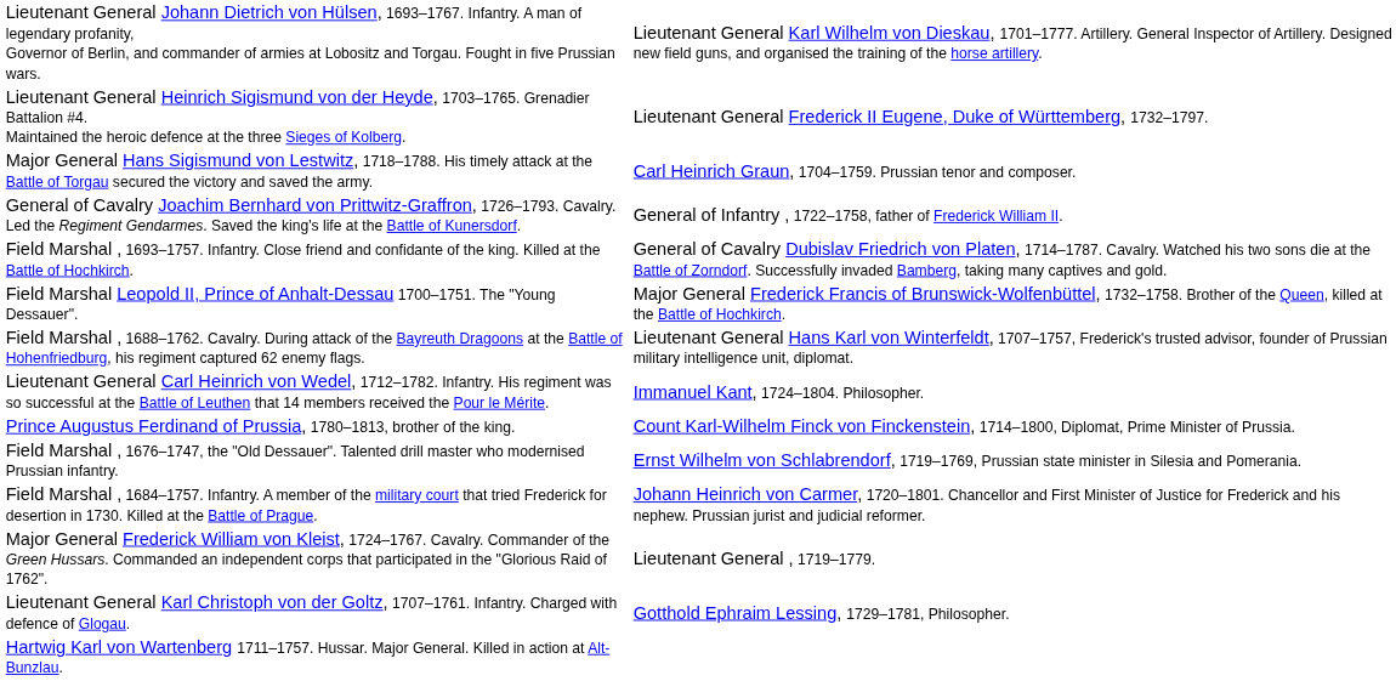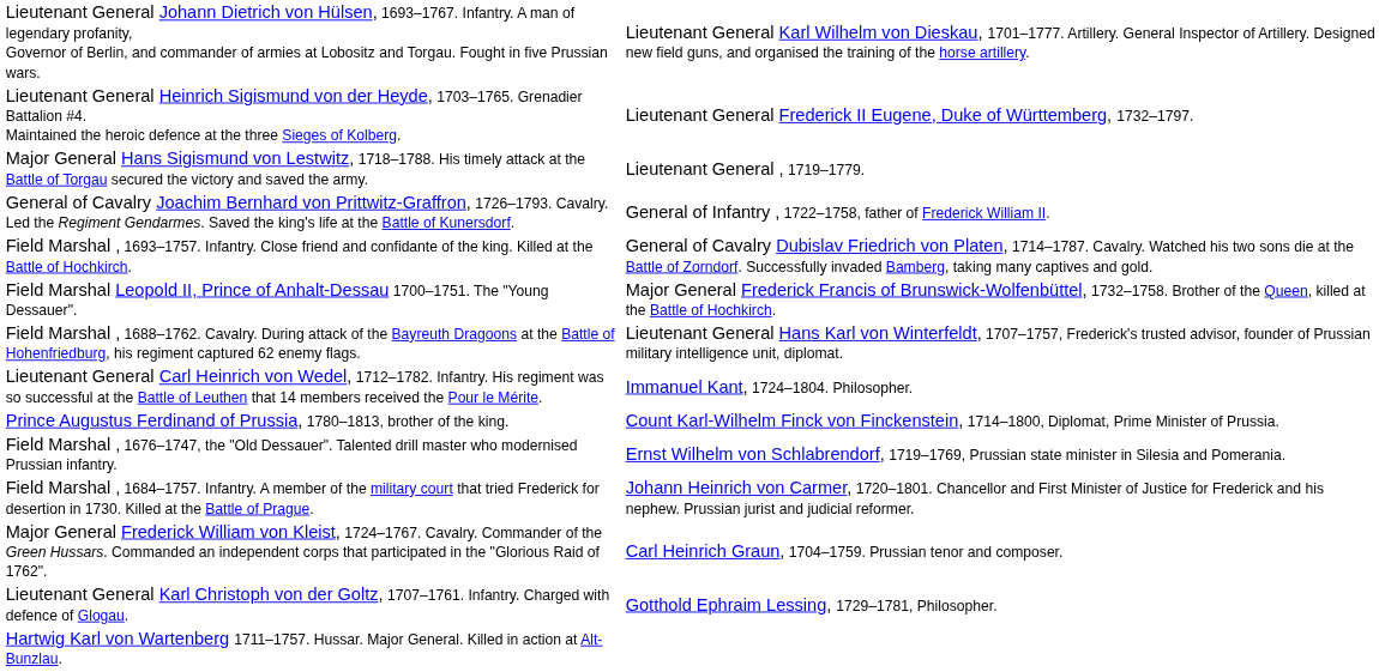 <table style="text-align:left; width:100%;">
 <tr>
 <td style="width: 45%;">Lieutenant General <a href='#'>Johann Dietrich von Hülsen</a>,<small> 1693–1767. Infantry. A man of legendary profanity,<br> Governor of Berlin, and commander of armies at Lobositz and Torgau. Fought in five Prussian wars. </small></td>
 <td style="width: 55%;">Lieutenant General <a href='#'>Karl Wilhelm von Dieskau</a>, <small>1701–1777. Artillery. General Inspector of Artillery. Designed new field guns, and organised the training of the <a href='#'>horse artillery</a>.</small></td>
 </tr>
 <tr>
 <td>Lieutenant General <a href='#'>Heinrich Sigismund von der Heyde</a>,<small> 1703–1765. Grenadier Battalion #4. <br> Maintained the heroic defence at the three <a href='#'>Sieges of Kolberg</a>.</small></td>
 <td>Lieutenant General <a href='#'>Frederick II Eugene, Duke of Württemberg</a>, <small>1732–1797.</small></td>
 </tr>
 <tr>
 <td>Major General <a href='#'>Hans Sigismund von Lestwitz</a>,<small> 1718–1788. His timely attack at the <a href='#'>Battle of Torgau</a> secured the victory and saved the army.</small></td>
-<td><a href='#'>Carl Heinrich Graun</a>,<small> 1704–1759. Prussian tenor and composer.</small></td>
+<td>Lieutenant General ,<small> 1719–1779.</small></td>
 </tr>
 <tr>
 <td>General of Cavalry <a href='#'>Joachim Bernhard von Prittwitz-Graffron</a>,<small> 1726–1793. Cavalry. Led the <em>Regiment Gendarmes</em>. Saved the king's life at the <a href='#'>Battle of Kunersdorf</a>.</small></td>
 <td>General of Infantry ,<small> 1722–1758, father of <a href='#'>Frederick William II</a>.</small></td>
 </tr>
 <tr>
 <td> Field Marshal ,<small> 1693–1757. Infantry. Close friend and confidante of the king. Killed at the <a href='#'>Battle of Hochkirch</a>.</small></td>
 <td>General of Cavalry <a href='#'>Dubislav Friedrich von Platen</a>,<small> 1714–1787. Cavalry.  Watched his two sons die at the <a href='#'>Battle of Zorndorf</a>.  Successfully invaded <a href='#'>Bamberg</a>, taking many captives and gold.</small></td>
 </tr>
 <tr>
 <td>Field Marshal <a href='#'>Leopold II, Prince of Anhalt-Dessau</a><small> 1700–1751. The "Young Dessauer".</small></td>
 <td> Major General <a href='#'>Frederick Francis of Brunswick-Wolfenbüttel</a>,<small> 1732–1758. Brother of the <a href='#'>Queen</a>, killed at the <a href='#'>Battle of Hochkirch</a>.</small></td>
 </tr>
 <tr>
 <td>Field Marshal ,<small>  1688–1762. Cavalry. During attack of the <a href='#'>Bayreuth Dragoons</a> at the <a href='#'>Battle of Hohenfriedburg</a>, his regiment captured 62 enemy flags.</small></td>
 <td> Lieutenant General <a href='#'>Hans Karl von Winterfeldt</a>,<small> 1707–1757, Frederick's trusted advisor, founder of Prussian military intelligence unit, diplomat.</small></td>
 </tr>
 <tr>
 <td>Lieutenant General <a href='#'>Carl Heinrich von Wedel</a>,<small> 1712–1782. Infantry.  His regiment was so successful at the <a href='#'>Battle of Leuthen</a> that 14 members received the <a href='#'>Pour le Mérite</a>.</small></td>
 <td><a href='#'>Immanuel Kant</a>,<small> 1724–1804. Philosopher.</small></td>
 </tr>
 <tr>
 <td><a href='#'>Prince Augustus Ferdinand of Prussia</a>,<small>  1780–1813, brother of the king.</small></td>
 <td><a href='#'>Count Karl-Wilhelm Finck von Finckenstein</a>,<small>  1714–1800, Diplomat, Prime Minister of Prussia.</small></td>
 </tr>
 <tr>
 <td>Field Marshal ,<small> 1676–1747, the "Old Dessauer". Talented drill master who modernised Prussian infantry.</small></td>
 <td><a href='#'>Ernst Wilhelm von Schlabrendorf</a>,<small> 1719–1769, Prussian state minister in Silesia and Pomerania.</small></td>
 </tr>
 <tr>
 <td> Field Marshal ,<small> 1684–1757. Infantry. A member of the <a href='#'>military court</a> that tried Frederick for desertion in 1730. Killed at the <a href='#'>Battle of Prague</a>.</small></td>
 <td><a href='#'>Johann Heinrich von Carmer</a>,<small> 1720–1801. Chancellor and First Minister of Justice for Frederick and his nephew. Prussian jurist and judicial reformer.</small></td>
 </tr>
 <tr>
 <td>Major General <a href='#'>Frederick William von Kleist</a>,<small> 1724–1767. Cavalry. Commander of the <em>Green Hussars</em>. Commanded an independent corps that participated in the "Glorious Raid of 1762".</small></td>
-<td>Lieutenant General ,<small> 1719–1779.</small></td>
+<td><a href='#'>Carl Heinrich Graun</a>,<small> 1704–1759. Prussian tenor and composer.</small></td>
 </tr>
 <tr>
 <td>Lieutenant General <a href='#'>Karl Christoph von der Goltz</a>,<small> 1707–1761. Infantry. Charged with defence of <a href='#'>Glogau</a>.</small></td>
 <td><a href='#'>Gotthold Ephraim Lessing</a>, <small> 1729–1781, Philosopher.</small></td>
 </tr>
 <tr>
 <td> <a href='#'>Hartwig Karl von Wartenberg</a> <small>1711–1757. Hussar. Major General. Killed in action at <a href='#'>Alt-Bunzlau</a>.</small></td>
 <td></td>
 </tr>
 </table>
